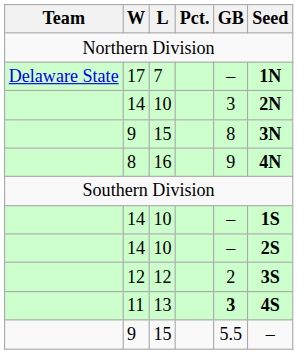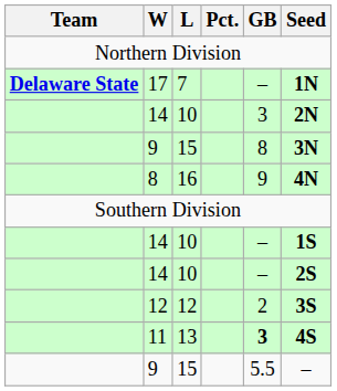 <table class=wikitable>
 <tr>
 <th>Team</th>
 <th>W</th>
 <th>L</th>
 <th>Pct.</th>
 <th>GB</th>
 <th>Seed</th>
 </tr>
 <tr>
 <td colspan=6 style="text-align:center;">Northern Division</td>
 </tr>
 <tr bgcolor="#ccffcc">
-<td><a href='#'>Delaware State</a></td>
+<td><strong><a href='#'>Delaware State</a></strong></td>
 <td>17</td>
 <td>7</td>
 <td></td>
 <td style="text-align:center;">–</td>
 <td style="text-align:center;"><strong>1N</strong></td>
 </tr>
 <tr bgcolor="#ccffcc">
 <td></td>
 <td>14</td>
 <td>10</td>
 <td></td>
 <td style="text-align:center;">3</td>
 <td style="text-align:center;"><strong>2N</strong></td>
 </tr>
 <tr bgcolor="#ccffcc">
 <td></td>
 <td>9</td>
 <td>15</td>
 <td></td>
 <td style="text-align:center;">8</td>
 <td style="text-align:center;"><strong>3N</strong></td>
 </tr>
 <tr bgcolor="#ccffcc">
 <td></td>
 <td>8</td>
 <td>16</td>
 <td></td>
 <td style="text-align:center;">9</td>
 <td style="text-align:center;"><strong>4N</strong></td>
 </tr>
 <tr>
 <td colspan=6 style="text-align:center;">Southern Division</td>
 </tr>
 <tr bgcolor="#ccffcc">
 <td></td>
 <td>14</td>
 <td>10</td>
 <td></td>
 <td style="text-align:center;">–</td>
 <td style="text-align:center;"><strong>1S</strong></td>
 </tr>
 <tr bgcolor="#ccffcc">
 <td></td>
 <td>14</td>
 <td>10</td>
 <td></td>
 <td style="text-align:center;">–</td>
 <td style="text-align:center;"><strong>2S</strong></td>
 </tr>
 <tr bgcolor="#ccffcc">
 <td></td>
 <td>12</td>
 <td>12</td>
 <td></td>
 <td style="text-align:center;">2</td>
 <td style="text-align:center;"><strong>3S</strong></td>
 </tr>
 <tr bgcolor="#ccffcc">
 <td></td>
 <td>11</td>
 <td>13</td>
 <td></td>
 <td style="text-align:center;"><strong>3</strong></td>
 <td style="text-align:center;"><strong>4S</strong></td>
 </tr>
 <tr>
 <td></td>
 <td>9</td>
 <td>15</td>
 <td></td>
 <td style="text-align:center;">5.5</td>
 <td style="text-align:center;">–</td>
 </tr>
 </table>
